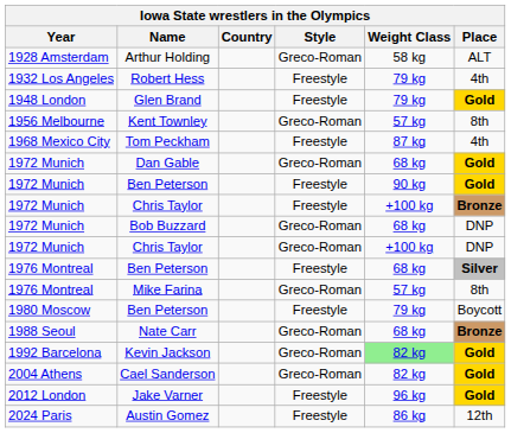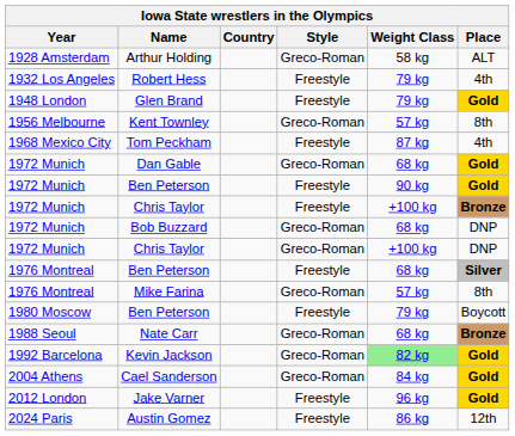 <table class="wikitable">
 <tr>
 <th colspan="6">Iowa State wrestlers in the Olympics</th>
 </tr>
 <tr>
 <th scope="col">Year</th>
 <th scope="col">Name</th>
 <th scope="col">Country</th>
 <th scope="col">Style</th>
 <th scope="col">Weight Class</th>
 <th scope="col">Place</th>
 </tr>
 <tr>
 <td><a href='#'>1928 Amsterdam</a></td>
 <td style="text-align: center;">Arthur Holding</td>
 <td style="text-align: center;"></td>
 <td style="text-align: center;">Greco-Roman</td>
 <td style="text-align: center;">58 kg</td>
 <td style="text-align: center;">ALT</td>
 </tr>
 <tr>
 <td><a href='#'>1932 Los Angeles</a></td>
 <td style="text-align: center;"><a href='#'>Robert Hess</a></td>
 <td style="text-align: center;"></td>
 <td style="text-align: center;">Freestyle</td>
 <td style="text-align: center;"><a href='#'>79 kg</a></td>
 <td style="text-align: center;">4th</td>
 </tr>
 <tr>
 <td><a href='#'>1948 London</a></td>
 <td style="text-align: center;"><a href='#'>Glen Brand</a></td>
 <td style="text-align: center;"></td>
 <td style="text-align: center;">Freestyle</td>
 <td style="text-align: center;"><a href='#'>79 kg</a></td>
 <td style="text-align: center; background:  gold;"><strong>Gold</strong></td>
 </tr>
 <tr>
 <td><a href='#'>1956 Melbourne</a></td>
 <td style="text-align: center;"><a href='#'>Kent Townley</a></td>
 <td style="text-align: center;"></td>
 <td style="text-align: center;">Greco-Roman</td>
 <td style="text-align: center;"><a href='#'>57 kg</a></td>
 <td style="text-align: center;">8th</td>
 </tr>
 <tr>
 <td><a href='#'>1968 Mexico City</a></td>
 <td style="text-align: center;"><a href='#'>Tom Peckham</a></td>
 <td style="text-align: center;"></td>
 <td style="text-align: center;">Freestyle</td>
 <td style="text-align: center;"><a href='#'>87 kg</a></td>
 <td style="text-align: center;">4th</td>
 </tr>
 <tr>
 <td><a href='#'>1972 Munich</a></td>
 <td style="text-align: center;"><a href='#'>Dan Gable</a></td>
 <td style="text-align: center;"></td>
 <td style="text-align: center;">Greco-Roman</td>
 <td style="text-align: center;"><a href='#'>68 kg</a></td>
 <td style="text-align: center; background:  gold;"><strong>Gold</strong></td>
 </tr>
 <tr>
 <td><a href='#'>1972 Munich</a></td>
 <td style="text-align: center;"><a href='#'>Ben Peterson</a></td>
 <td style="text-align: center;"></td>
 <td style="text-align: center;">Freestyle</td>
 <td style="text-align: center;"><a href='#'>90 kg</a></td>
 <td style="text-align: center; background:  gold;"><strong>Gold</strong></td>
 </tr>
 <tr>
 <td><a href='#'>1972 Munich</a></td>
 <td style="text-align: center;"><a href='#'>Chris Taylor</a></td>
 <td style="text-align: center;"></td>
 <td style="text-align: center;">Freestyle</td>
 <td style="text-align: center;"><a href='#'>+100 kg</a></td>
 <td style="text-align:center; background:#c96;"><strong>Bronze</strong></td>
 </tr>
 <tr>
 <td><a href='#'>1972 Munich</a></td>
 <td style="text-align: center;"><a href='#'>Bob Buzzard</a></td>
 <td style="text-align: center;"></td>
 <td style="text-align: center;">Greco-Roman</td>
 <td style="text-align: center;"><a href='#'>68 kg</a></td>
 <td style="text-align: center;">DNP</td>
 </tr>
 <tr>
 <td><a href='#'>1972 Munich</a></td>
 <td style="text-align: center;"><a href='#'>Chris Taylor</a></td>
 <td style="text-align: center;"></td>
 <td style="text-align: center;">Greco-Roman</td>
 <td style="text-align: center;"><a href='#'>+100 kg</a></td>
 <td style="text-align: center;">DNP</td>
 </tr>
 <tr>
 <td><a href='#'>1976 Montreal</a></td>
 <td style="text-align: center;"><a href='#'>Ben Peterson</a></td>
 <td style="text-align: center;"></td>
 <td style="text-align: center;">Freestyle</td>
 <td style="text-align: center;"><a href='#'>68 kg</a></td>
 <td style="text-align: center; background:  silver;"><strong>Silver</strong></td>
 </tr>
 <tr>
 <td><a href='#'>1976 Montreal</a></td>
 <td style="text-align: center;"><a href='#'>Mike Farina</a></td>
 <td style="text-align: center;"></td>
 <td style="text-align: center;">Greco-Roman</td>
 <td style="text-align: center;"><a href='#'>57 kg</a></td>
 <td style="text-align: center;">8th</td>
 </tr>
 <tr>
 <td><a href='#'>1980 Moscow</a></td>
 <td style="text-align: center;"><a href='#'>Ben Peterson</a></td>
 <td style="text-align: center;"></td>
 <td style="text-align: center;">Freestyle</td>
 <td style="text-align: center;"><a href='#'>79 kg</a></td>
 <td style="text-align: center;">Boycott</td>
 </tr>
 <tr>
 <td><a href='#'>1988 Seoul</a></td>
 <td style="text-align: center;"><a href='#'>Nate Carr</a></td>
 <td style="text-align: center;"></td>
 <td style="text-align: center;">Greco-Roman</td>
 <td style="text-align: center;"><a href='#'>68 kg</a></td>
 <td style="text-align:center; background:#c96;"><strong>Bronze</strong></td>
 </tr>
 <tr>
 <td><a href='#'>1992 Barcelona</a></td>
 <td style="text-align: center;"><a href='#'>Kevin Jackson</a></td>
 <td style="text-align: center;"></td>
 <td style="text-align: center;">Greco-Roman</td>
 <td style="background: lightgreen; text-align: center;"><a href='#'>82 kg</a></td>
 <td style="text-align: center; background:  gold;"><strong>Gold</strong></td>
 </tr>
 <tr>
 <td><a href='#'>2004 Athens</a></td>
 <td style="text-align: center;"><a href='#'>Cael Sanderson</a></td>
 <td style="text-align: center;"></td>
 <td style="text-align: center;">Greco-Roman</td>
-<td style="text-align: center;"><a href='#'>82 kg</a></td>
+<td style="text-align: center;"><a href='#'>84 kg</a></td>
 <td style="text-align: center; background:  gold;"><strong>Gold</strong></td>
 </tr>
 <tr>
 <td><a href='#'>2012 London</a></td>
 <td style="text-align: center;"><a href='#'>Jake Varner</a></td>
 <td style="text-align: center;"></td>
 <td style="text-align: center;">Freestyle</td>
 <td style="text-align: center;"><a href='#'>96 kg</a></td>
 <td style="text-align: center; background:  gold;"><strong>Gold</strong></td>
 </tr>
 <tr>
 <td><a href='#'>2024 Paris</a></td>
 <td style="text-align: center;"><a href='#'>Austin Gomez</a></td>
 <td style="text-align: center;"></td>
 <td style="text-align: center;">Freestyle</td>
 <td style="text-align: center;"><a href='#'>86 kg</a></td>
 <td style="text-align: center;">12th</td>
 </tr>
 </table>
